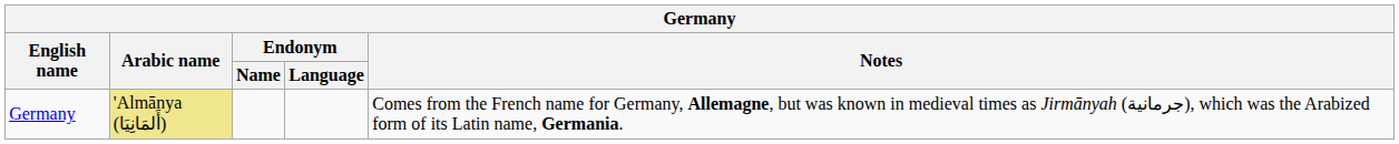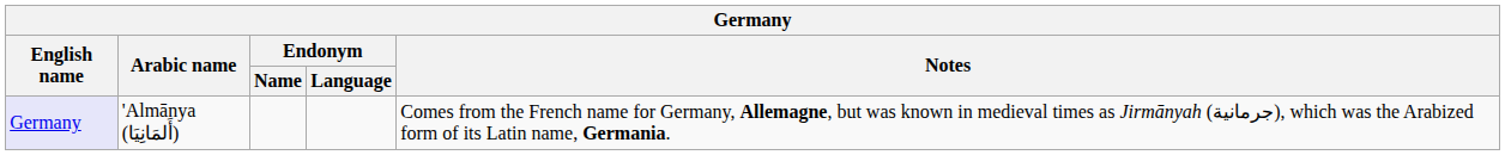 <table class="wikitable sortable">
 <tr>
 <th colspan="5">Germany</th>
 </tr>
 <tr>
 <th rowspan="2">English name</th>
 <th rowspan="2">Arabic name</th>
 <th colspan="2">Endonym</th>
 <th rowspan="2">Notes</th>
 </tr>
 <tr>
 <th>Name</th>
 <th>Language</th>
 </tr>
 <tr>
-<td><a href='#'>Germany</a></td>
-<td style="background: khaki;">'Almānya (أَلمَانِيَا)</td>
+<td style="background: lavender;"><a href='#'>Germany</a></td>
+<td>'Almānya (أَلمَانِيَا)</td>
 <td></td>
 <td></td>
 <td>Comes from the French name for Germany, <strong>Allemagne</strong>, but was known in medieval times as <em>Jirmānyah</em> (جرمانية), which was the Arabized form of its Latin name, <strong>Germania</strong>.</td>
 </tr>
 </table>
